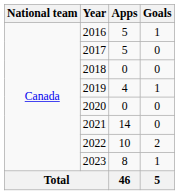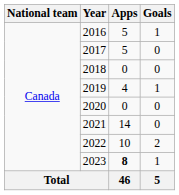 <table class="wikitable" style="text-align:center">
 <tr>
 <th>National team</th>
 <th>Year</th>
 <th>Apps</th>
 <th>Goals</th>
 </tr>
 <tr>
 <td rowspan="8"><a href='#'>Canada</a></td>
 <td>2016</td>
 <td>5</td>
 <td>1</td>
 </tr>
 <tr>
 <td>2017</td>
 <td>5</td>
 <td>0</td>
 </tr>
 <tr>
 <td>2018</td>
 <td>0</td>
 <td>0</td>
 </tr>
 <tr>
 <td>2019</td>
 <td>4</td>
 <td>1</td>
 </tr>
 <tr>
 <td>2020</td>
 <td>0</td>
 <td>0</td>
 </tr>
 <tr>
 <td>2021</td>
 <td>14</td>
 <td>0</td>
 </tr>
 <tr>
 <td>2022</td>
 <td>10</td>
 <td>2</td>
 </tr>
 <tr>
 <td>2023</td>
-<td>8</td>
+<td><strong>8</strong></td>
 <td>1</td>
 </tr>
 <tr>
 <th colspan="2">Total</th>
 <th>46</th>
 <th>5</th>
 </tr>
 </table>
